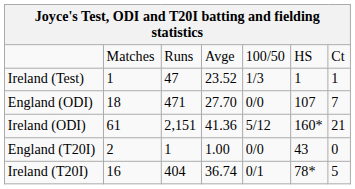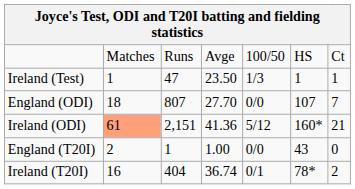 <table class="wikitable" style="float: left; margin: 0 auto; pad:.5em; width: 40%; font-size: 90%;" cellspacing="5">
 <tr>
 <th colspan="7"><strong>Joyce's Test, ODI and T20I batting and fielding statistics</strong></th>
 </tr>
 <tr>
 <td> </td>
 <td>Matches</td>
 <td>Runs</td>
 <td>Avge</td>
 <td>100/50</td>
 <td>HS</td>
 <td>Ct</td>
 </tr>
 <tr>
 <td>Ireland (Test)</td>
 <td>1</td>
 <td>47</td>
-<td>23.52</td>
+<td>23.50</td>
 <td>1/3</td>
 <td>1</td>
 <td>1</td>
 </tr>
 <tr>
 <td>England (ODI)</td>
 <td>18</td>
-<td>471</td>
+<td>807</td>
 <td>27.70</td>
 <td>0/0</td>
 <td>107</td>
 <td>7</td>
 </tr>
 <tr>
 <td>Ireland (ODI)</td>
-<td>61</td>
+<td style="background: lightsalmon;">61</td>
 <td>2,151</td>
 <td>41.36</td>
 <td>5/12</td>
 <td>160*</td>
 <td>21</td>
 </tr>
 <tr>
 <td>England (T20I)</td>
 <td>2</td>
 <td>1</td>
 <td>1.00</td>
 <td>0/0</td>
 <td>43</td>
 <td>0</td>
 </tr>
 <tr>
 <td>Ireland (T20I)</td>
 <td>16</td>
 <td>404</td>
 <td>36.74</td>
 <td>0/1</td>
 <td>78*</td>
-<td>5</td>
+<td>2</td>
 </tr>
 </table>
